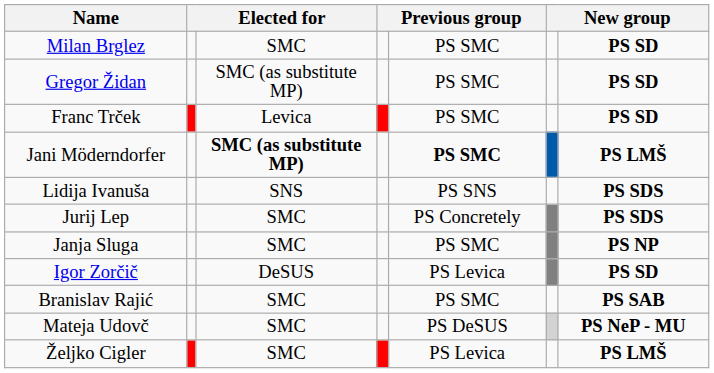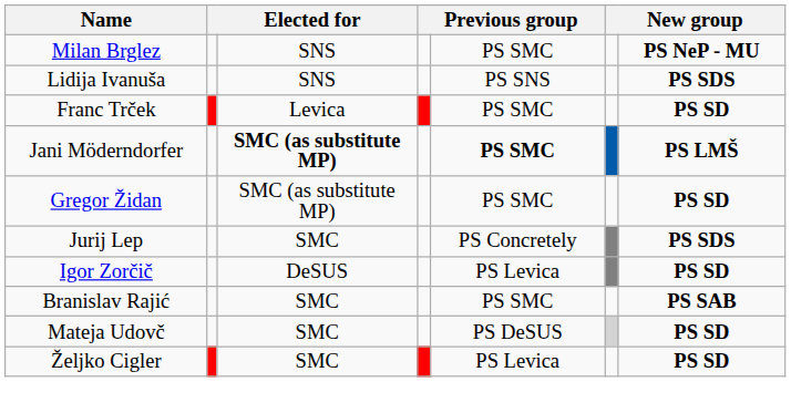 <table class="wikitable" style="text-align: center;line-height:16px;">
 <tr>
 <th style="width:150px;">Name</th>
 <th colspan="2" style="width:150px;">Elected for</th>
 <th colspan="2" style="width:150px;">Previous group</th>
 <th colspan="2" style="width:150px;">New group</th>
 </tr>
 <tr>
 <td><a href='#'>Milan Brglez</a></td>
 <td style="background:"></td>
-<td>SMC</td>
+<td>SNS</td>
 <td style="background:"></td>
 <td>PS SMC</td>
 <td style="background:"></td>
-<td><strong>PS SD</strong></td>
+<td><strong>PS NeP - MU</strong></td>
 </tr>
 <tr>
-<td><a href='#'>Gregor Židan</a></td>
+<td>Lidija Ivanuša</td>
 <td style="background:"></td>
-<td>SMC (as substitute MP)</td>
+<td>SNS</td>
 <td style="background:"></td>
-<td>PS SMC</td>
+<td>PS SNS</td>
 <td style="background:"></td>
-<td><strong>PS SD</strong></td>
+<td><strong>PS SDS</strong></td>
 </tr>
 <tr>
 <td>Franc Trček</td>
 <td style="background:red"></td>
 <td>Levica</td>
 <td style="background:red"></td>
 <td>PS SMC</td>
 <td style="background:"></td>
 <td><strong>PS SD</strong></td>
 </tr>
 <tr>
 <td>Jani Möderndorfer</td>
 <td style="background:"></td>
 <td><strong>SMC (as substitute MP)</strong></td>
 <td style="background:"></td>
 <td><strong>PS SMC</strong></td>
 <td style="background:#005bab"></td>
 <td><strong>PS LMŠ</strong></td>
 </tr>
 <tr>
-<td>Lidija Ivanuša</td>
+<td><a href='#'>Gregor Židan</a></td>
 <td style="background:"></td>
-<td>SNS</td>
+<td>SMC (as substitute MP)</td>
 <td style="background:"></td>
-<td>PS SNS</td>
+<td>PS SMC</td>
 <td style="background:"></td>
-<td><strong>PS SDS</strong></td>
+<td><strong>PS SD</strong></td>
 </tr>
 <tr>
 <td>Jurij Lep</td>
 <td style="background:"></td>
 <td>SMC</td>
 <td style="background:"></td>
 <td>PS Concretely</td>
 <td style="background:gray;"></td>
 <td><strong>PS SDS</strong></td>
-</tr>
-<tr>
-<td>Janja Sluga</td>
-<td style="background:"></td>
-<td>SMC</td>
-<td style="background:"></td>
-<td>PS SMC</td>
-<td style="background:gray;"></td>
-<td><strong>PS NP</strong></td>
 </tr>
 <tr>
 <td><a href='#'>Igor Zorčič</a></td>
 <td style="background:"></td>
 <td>DeSUS</td>
 <td style="background:"></td>
 <td>PS Levica</td>
 <td style="background:gray;"></td>
 <td><strong>PS SD</strong></td>
 </tr>
 <tr>
 <td>Branislav Rajić</td>
 <td style="background:"></td>
 <td>SMC</td>
 <td style="background:"></td>
 <td>PS SMC</td>
 <td style="background:"></td>
 <td><strong>PS SAB</strong></td>
 </tr>
 <tr>
 <td>Mateja Udovč</td>
 <td style="background:"></td>
 <td>SMC</td>
 <td style="background:"></td>
 <td>PS DeSUS</td>
 <td style="background:Lightgrey;"></td>
-<td><strong>PS NeP - MU</strong></td>
+<td><strong>PS SD</strong></td>
 </tr>
 <tr>
 <td>Željko Cigler</td>
 <td style="background:red"></td>
 <td>SMC</td>
 <td style="background:red"></td>
 <td>PS Levica</td>
 <td style="background:"></td>
-<td><strong>PS LMŠ</strong></td>
+<td><strong>PS SD</strong></td>
 </tr>
 </table>
